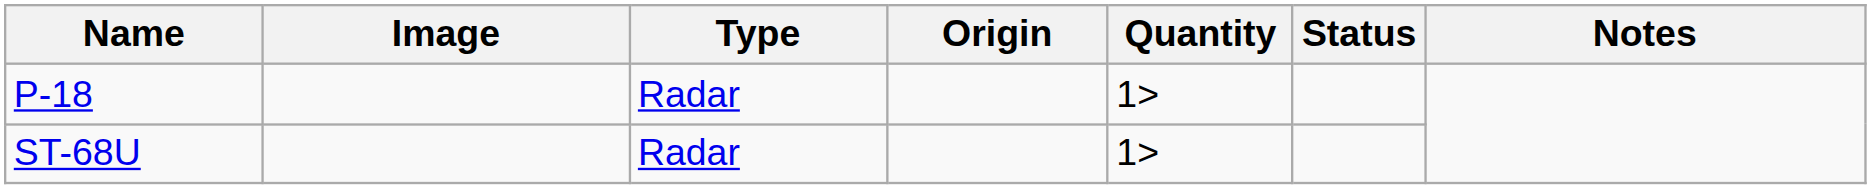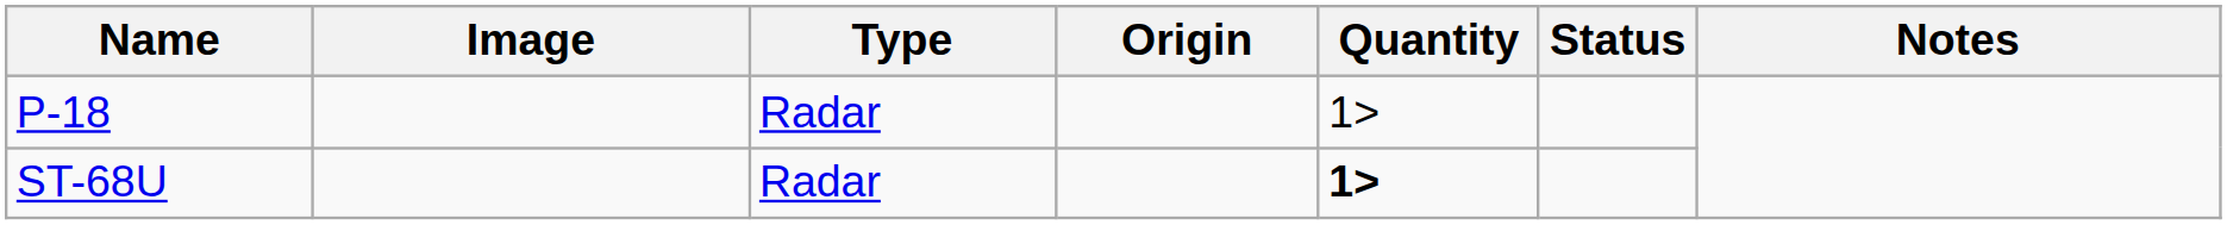 <table class="wikitable" style="width:90%;">
 <tr>
 <th width=14%>Name</th>
 <th width=20%>Image</th>
 <th width=14%>Type</th>
 <th width=12%>Origin</th>
 <th width=10%>Quantity</th>
 <th width=06%>Status</th>
 <th width=24%>Notes</th>
 </tr>
 <tr>
 <td><a href='#'>P-18</a></td>
 <td></td>
 <td><a href='#'>Radar</a></td>
 <td></td>
 <td>1></td>
 <td></td>
 </tr>
 <tr>
 <td><a href='#'>ST-68U</a></td>
 <td></td>
 <td><a href='#'>Radar</a></td>
 <td></td>
-<td>1></td>
+<td><strong>1></strong></td>
 <td></td>
 </tr>
 </table>
